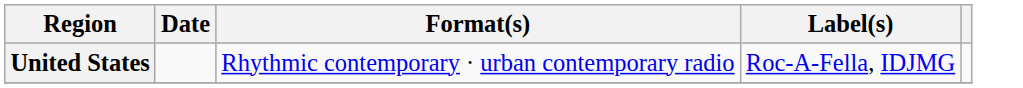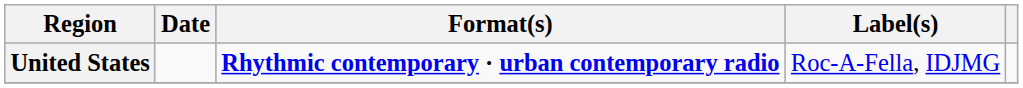 <table class="wikitable plainrowheaders" style="text-align:left">
 <tr>
 <th scope="col">Region</th>
 <th scope="col">Date</th>
 <th scope="col">Format(s)</th>
 <th scope="col">Label(s)</th>
 <th scope="col"></th>
 </tr>
 <tr>
 <th scope="row">United States</th>
 <td></td>
-<td><a href='#'>Rhythmic contemporary</a> · <a href='#'>urban contemporary radio</a></td>
+<td><strong><a href='#'>Rhythmic contemporary</a> · <a href='#'>urban contemporary radio</a></strong></td>
 <td><a href='#'>Roc-A-Fella</a>, <a href='#'>IDJMG</a></td>
 <td></td>
 </tr>
 <tr>
 </tr>
 </table>
